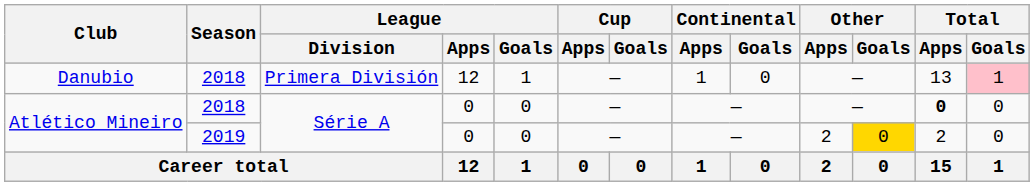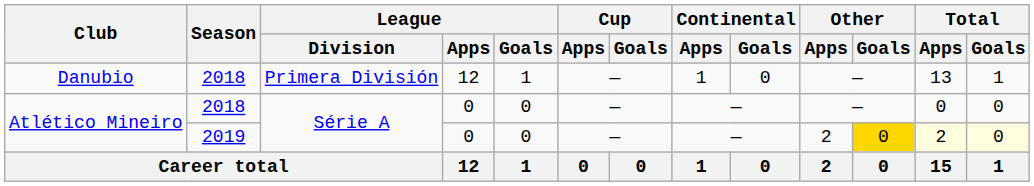 <table class="wikitable" style="text-align: center">
 <tr>
 <th rowspan="2">Club</th>
 <th rowspan="2">Season</th>
 <th colspan="3">League</th>
 <th colspan="2">Cup</th>
 <th colspan="2">Continental</th>
 <th colspan="2">Other</th>
 <th colspan="2">Total</th>
 </tr>
 <tr>
 <th>Division</th>
 <th>Apps</th>
 <th>Goals</th>
 <th>Apps</th>
 <th>Goals</th>
 <th>Apps</th>
 <th>Goals</th>
 <th>Apps</th>
 <th>Goals</th>
 <th>Apps</th>
 <th>Goals</th>
 </tr>
 <tr>
 <td><a href='#'>Danubio</a></td>
 <td><a href='#'>2018</a></td>
 <td><a href='#'>Primera División</a></td>
 <td>12</td>
 <td>1</td>
 <td colspan="2">—</td>
 <td>1</td>
 <td>0</td>
 <td colspan="2">—</td>
 <td>13</td>
-<td style="background: pink;">1</td>
+<td>1</td>
 </tr>
 <tr>
 <td rowspan="2"><a href='#'>Atlético Mineiro</a></td>
 <td><a href='#'>2018</a></td>
 <td rowspan="2"><a href='#'>Série A</a></td>
 <td>0</td>
 <td>0</td>
 <td colspan="2">—</td>
 <td colspan="2">—</td>
 <td colspan="2">—</td>
-<td><strong>0</strong></td>
+<td>0</td>
 <td>0</td>
 </tr>
 <tr>
 <td><a href='#'>2019</a></td>
 <td>0</td>
 <td>0</td>
 <td colspan="2">—</td>
 <td colspan="2">—</td>
 <td>2</td>
 <td style="background: gold;">0</td>
-<td>2</td>
-<td>0</td>
+<td style="background: lightyellow;">2</td>
+<td style="background: lightyellow;">0</td>
 </tr>
 <tr>
 <th colspan="3"><strong>Career total</strong></th>
 <th>12</th>
 <th>1</th>
 <th>0</th>
 <th>0</th>
 <th>1</th>
 <th>0</th>
 <th>2</th>
 <th>0</th>
 <th>15</th>
 <th>1</th>
 </tr>
 </table>
